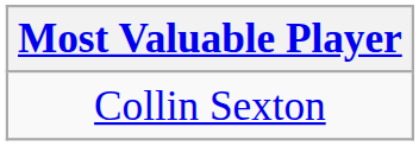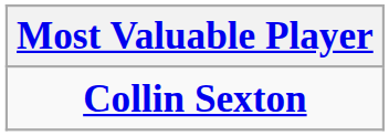 <table class=wikitable style="text-align:center; margin:auto">
 <tr>
 <th><a href='#'>Most Valuable Player</a></th>
 </tr>
 <tr>
-<td> <a href='#'>Collin Sexton</a></td>
+<td><strong> <a href='#'>Collin Sexton</a></strong></td>
 </tr>
 </table>
